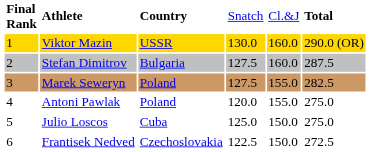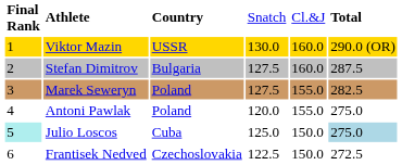 <table border="0" Cellpadding="2">
 <tr>
 <td><strong>Final <br> Rank</strong></td>
 <td><strong>Athlete</strong></td>
 <td><strong>Country</strong></td>
 <td><a href='#'>Snatch</a></td>
 <td><a href='#'>Cl.&J</a></td>
 <td><strong>Total</strong></td>
 </tr>
 <tr bgcolor="gold">
 <td>1</td>
 <td><a href='#'>Viktor Mazin</a></td>
 <td><a href='#'>USSR</a></td>
 <td>130.0</td>
 <td>160.0</td>
 <td>290.0 (OR)</td>
 </tr>
 <tr bgcolor="silver">
 <td>2</td>
 <td><a href='#'>Stefan Dimitrov</a></td>
 <td><a href='#'>Bulgaria</a></td>
 <td>127.5</td>
 <td>160.0</td>
 <td>287.5</td>
 </tr>
 <tr bgcolor="cc9966">
 <td>3</td>
 <td><a href='#'>Marek Seweryn</a></td>
 <td><a href='#'>Poland</a></td>
 <td>127.5</td>
 <td>155.0</td>
 <td>282.5</td>
 </tr>
 <tr>
 <td>4</td>
 <td><a href='#'>Antoni Pawlak</a></td>
 <td><a href='#'>Poland</a></td>
 <td>120.0</td>
 <td>155.0</td>
 <td>275.0</td>
 </tr>
 <tr>
-<td>5</td>
+<td style="background: paleturquoise;">5</td>
 <td><a href='#'>Julio Loscos</a></td>
 <td><a href='#'>Cuba</a></td>
 <td>125.0</td>
 <td>150.0</td>
-<td>275.0</td>
+<td style="background: lightblue;">275.0</td>
 </tr>
 <tr>
 <td>6</td>
 <td><a href='#'>Frantisek Nedved</a></td>
 <td><a href='#'>Czechoslovakia</a></td>
 <td>122.5</td>
 <td>150.0</td>
 <td>272.5</td>
 </tr>
 </table>
